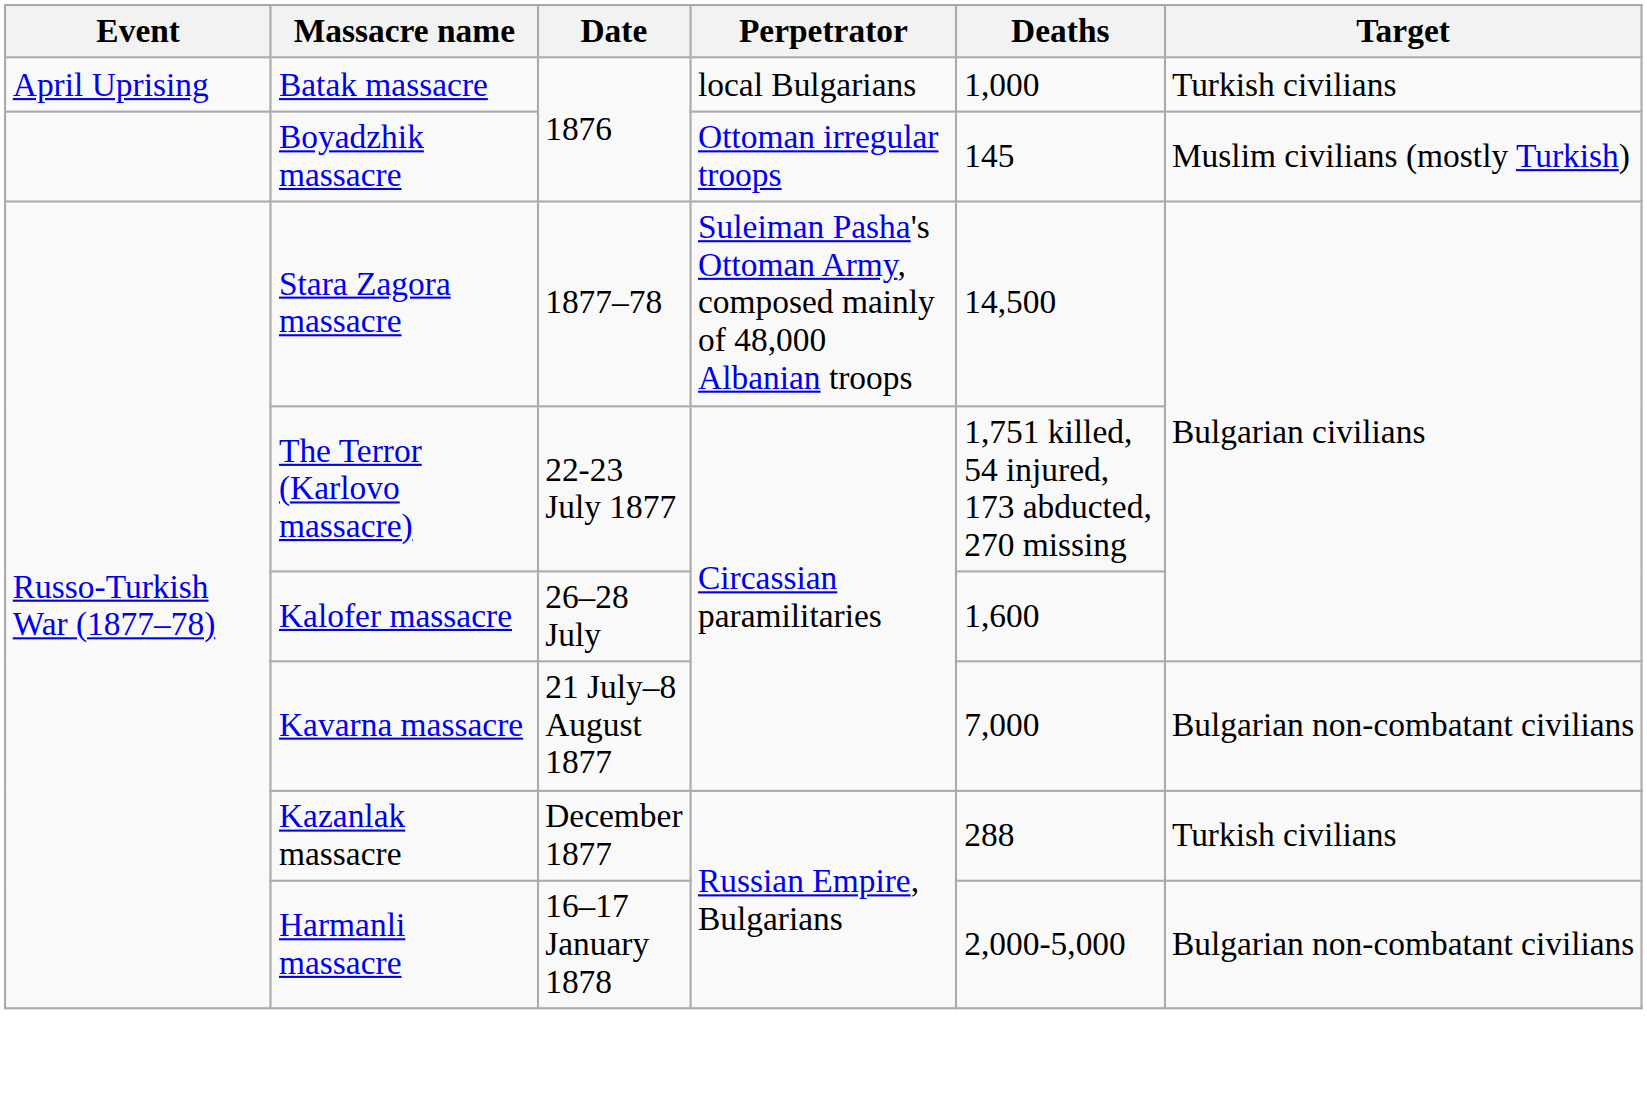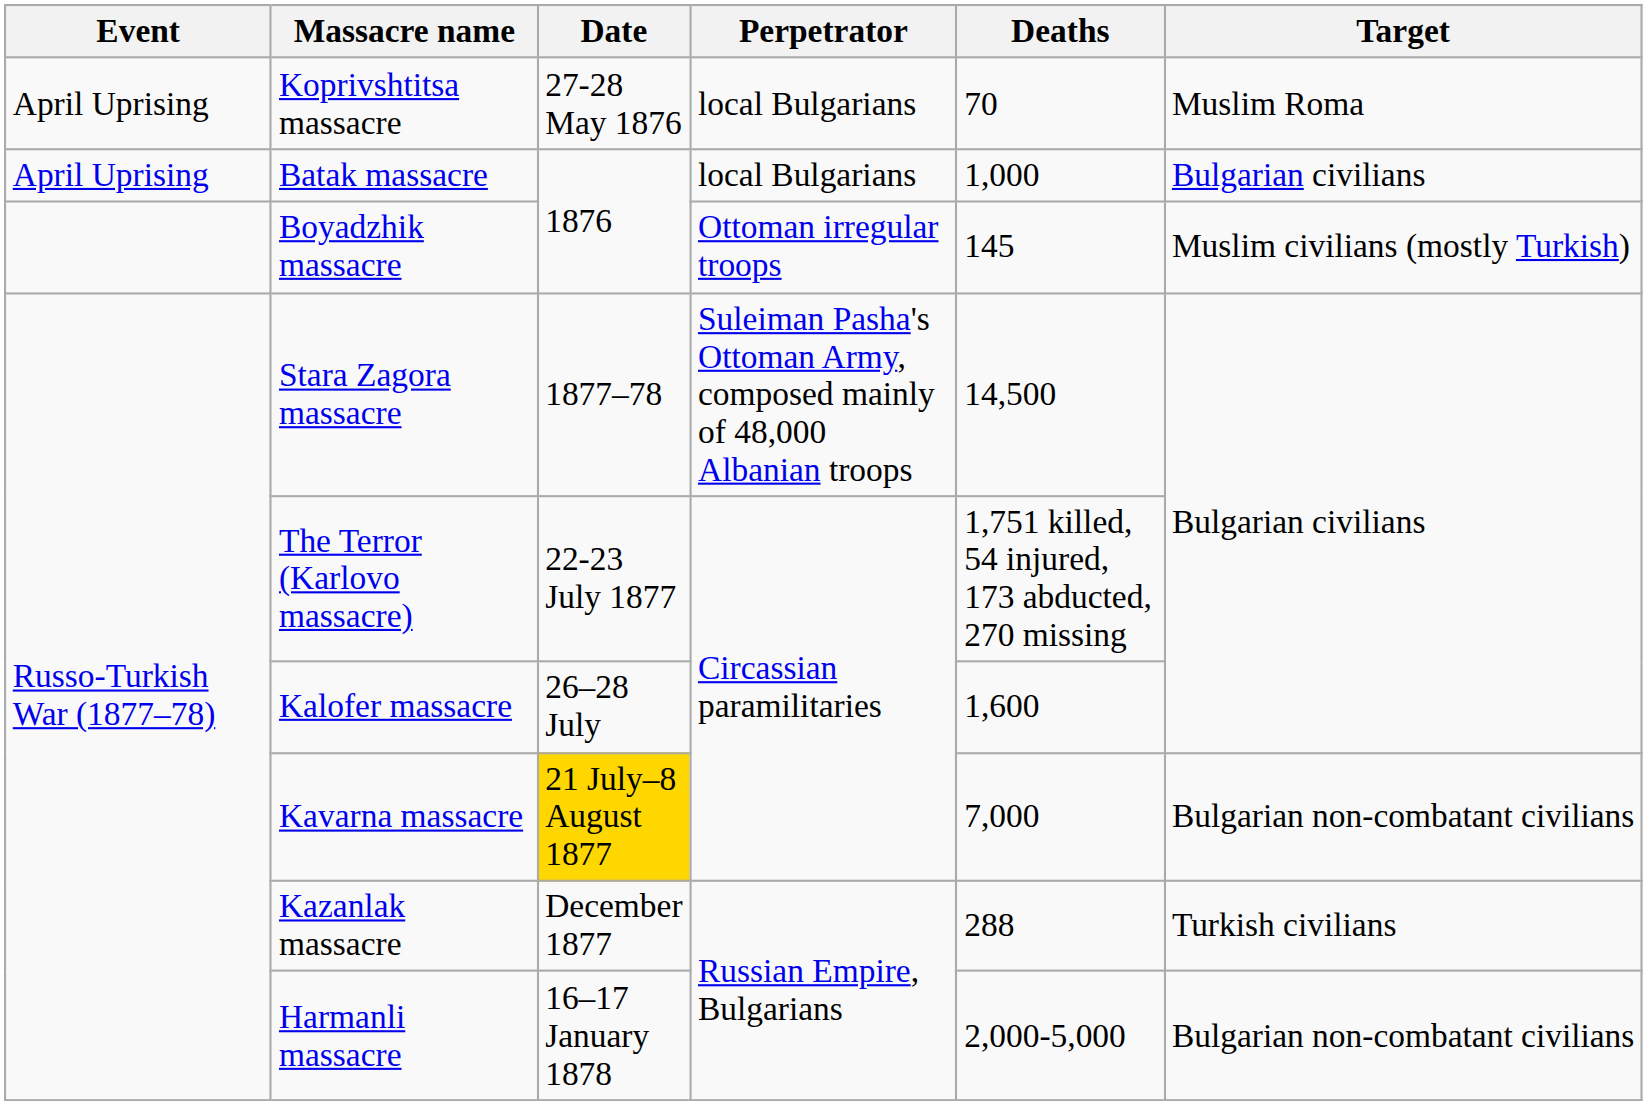 <table class="sortable wikitable">
 <tr>
 <th style="width:120px;">Event</th>
 <th style="width:120px;">Massacre name</th>
 <th style="width:65px;">Date</th>
 <th style="width:120px;">Perpetrator</th>
 <th style="width:92px;">Deaths</th>
 <th class="unsortable">Target</th>
 </tr>
 <tr>
+<td>April Uprising</td>
+<td><a href='#'>Koprivshtitsa</a> massacre</td>
+<td>27-28 May 1876</td>
+<td>local Bulgarians</td>
+<td>70</td>
+<td>Muslim Roma</td>
+</tr>
+<tr>
 <td><a href='#'>April Uprising</a></td>
 <td><a href='#'>Batak massacre</a></td>
 <td rowspan="2">1876</td>
 <td>local Bulgarians</td>
 <td>1,000</td>
-<td>Turkish civilians</td>
+<td><a href='#'>Bulgarian</a> civilians</td>
 </tr>
 <tr>
 <td></td>
 <td><a href='#'>Boyadzhik massacre</a></td>
 <td><a href='#'>Ottoman irregular troops</a></td>
 <td>145</td>
 <td>Muslim civilians (mostly <a href='#'>Turkish</a>)</td>
 </tr>
 <tr>
 <td rowspan="6"><a href='#'>Russo-Turkish War (1877–78)</a></td>
 <td><a href='#'>Stara Zagora massacre</a></td>
 <td>1877–78</td>
 <td><a href='#'>Suleiman Pasha</a>'s <a href='#'>Ottoman Army</a>, composed mainly of 48,000 <a href='#'>Albanian</a> troops</td>
 <td>14,500</td>
 <td rowspan="3">Bulgarian civilians</td>
 </tr>
 <tr>
 <td><a href='#'>The Terror (Karlovo massacre)</a></td>
 <td>22-23 July 1877</td>
 <td rowspan="3"><a href='#'>Circassian</a> paramilitaries</td>
 <td>1,751 killed,<br>54 injured, 173 abducted, 270 missing</td>
 </tr>
 <tr>
 <td><a href='#'>Kalofer massacre</a></td>
 <td>26–28 July</td>
 <td>1,600</td>
 </tr>
 <tr>
 <td><a href='#'>Kavarna massacre</a></td>
-<td>21 July–8 August 1877</td>
+<td style="background: gold;">21 July–8 August 1877</td>
 <td>7,000</td>
 <td>Bulgarian non-combatant civilians</td>
 </tr>
 <tr>
 <td><a href='#'>Kazanlak</a> massacre</td>
 <td>December 1877</td>
 <td rowspan="2"><a href='#'>Russian Empire</a>, Bulgarians</td>
 <td>288</td>
 <td>Turkish civilians</td>
 </tr>
 <tr>
 <td><a href='#'>Harmanli massacre</a></td>
 <td>16–17 January 1878</td>
 <td>2,000-5,000</td>
 <td>Bulgarian non-combatant civilians</td>
 </tr>
 </table>
